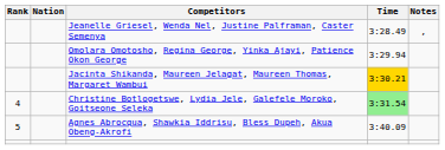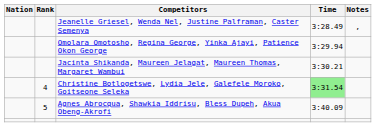 <table class="wikitable sortable" style="text-align:center;font-size:95%">
 <tr>
+<th>Nation</th>
 <th>Rank</th>
-<th>Nation</th>
 <th>Competitors</th>
 <th>Time</th>
 <th>Notes</th>
 </tr>
 <tr>
+<td align=left></td>
 <td></td>
-<td align=left></td>
 <td align=left><a href='#'>Jeanelle Griesel</a>, <a href='#'>Wenda Nel</a>, <a href='#'>Justine Palframan</a>, <a href='#'>Caster Semenya</a></td>
 <td>3:28.49</td>
 <td>, </td>
 </tr>
 <tr>
+<td align=left></td>
 <td></td>
-<td align=left></td>
 <td align=left><a href='#'>Omolara Omotosho</a>, <a href='#'>Regina George</a>, <a href='#'>Yinka Ajayi</a>, <a href='#'>Patience Okon George</a></td>
 <td>3:29.94</td>
 <td></td>
 </tr>
 <tr>
+<td align=left></td>
 <td></td>
-<td align=left></td>
 <td align=left><a href='#'>Jacinta Shikanda</a>, <a href='#'>Maureen Jelagat</a>, <a href='#'>Maureen Thomas</a>, <a href='#'>Margaret Wambui</a></td>
-<td style="background: gold;">3:30.21</td>
+<td>3:30.21</td>
 <td></td>
 </tr>
 <tr>
+<td align=left></td>
 <td>4</td>
-<td align=left></td>
 <td align=left><a href='#'>Christine Botlogetswe</a>, <a href='#'>Lydia Jele</a>, <a href='#'>Galefele Moroko</a>, <a href='#'>Goitseone Seleka</a></td>
 <td style="background: lightgreen;">3:31.54</td>
 <td></td>
 </tr>
 <tr>
+<td align=left></td>
 <td>5</td>
-<td align=left></td>
 <td align=left><a href='#'>Agnes Abrocqua</a>, <a href='#'>Shawkia Iddrisu</a>, <a href='#'>Bless Dupeh</a>, <a href='#'>Akua Obeng-Akrofi</a></td>
 <td>3:40.09</td>
 <td></td>
 </tr>
 <tr>
+<td align=left></td>
 <td></td>
-<td align=left></td>
 <td align=left></td>
 <td></td>
 <td></td>
 </tr>
 </table>
